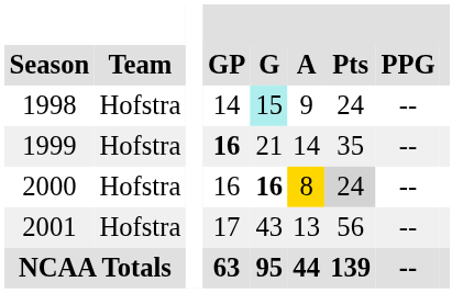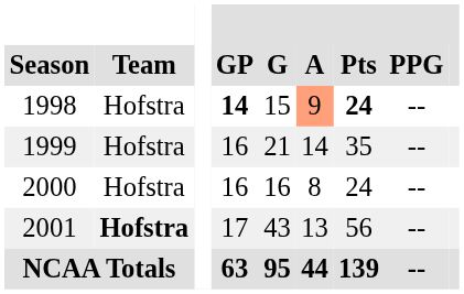 <table BORDER="0" CELLPADDING="3" CELLSPACING="0">
 <tr ALIGN="center" bgcolor="#e0e0e0">
 <th colspan="2" bgcolor="#ffffff"> </th>
 <th rowspan="99" bgcolor="#ffffff"> </th>
 <th colspan="7"></th>
 </tr>
 <tr ALIGN="center" bgcolor="#e0e0e0">
 <th>Season</th>
 <th>Team</th>
 <th>GP</th>
 <th>G</th>
 <th>A</th>
 <th>Pts</th>
 <th>PPG</th>
 <th></th>
 </tr>
 <tr ALIGN="center" bgcolor="#f0f0f0">
 </tr>
 <tr ALIGN="center">
 <td>1998</td>
 <td>Hofstra</td>
-<td>14</td>
-<td style="background: paleturquoise;">15</td>
-<td>9</td>
-<td>24</td>
+<td><strong>14</strong></td>
+<td>15</td>
+<td style="background: lightsalmon;">9</td>
+<td><strong>24</strong></td>
 <td>--</td>
 <td></td>
 </tr>
 <tr ALIGN="center" bgcolor="#f0f0f0">
 <td>1999</td>
 <td>Hofstra</td>
-<td><strong>16</strong></td>
+<td>16</td>
 <td>21</td>
 <td>14</td>
 <td>35</td>
 <td>--</td>
 <td></td>
 </tr>
 <tr ALIGN="center">
 <td>2000</td>
 <td>Hofstra</td>
 <td>16</td>
-<td><strong>16</strong></td>
-<td style="background: gold;">8</td>
-<td style="background: lightgrey;">24</td>
+<td>16</td>
+<td>8</td>
+<td>24</td>
 <td>--</td>
 <td></td>
 </tr>
 <tr ALIGN="center" bgcolor="#f0f0f0">
 <td>2001</td>
-<td>Hofstra</td>
+<td><strong>Hofstra</strong></td>
 <td>17</td>
 <td>43</td>
 <td>13</td>
 <td>56</td>
 <td>--</td>
 <td></td>
 </tr>
 <tr ALIGN="center" bgcolor="#e0e0e0">
 <th colspan="2">NCAA Totals</th>
 <th>63</th>
 <th>95</th>
 <th>44</th>
 <th>139</th>
 <th>--</th>
 <th></th>
 </tr>
 </table>
